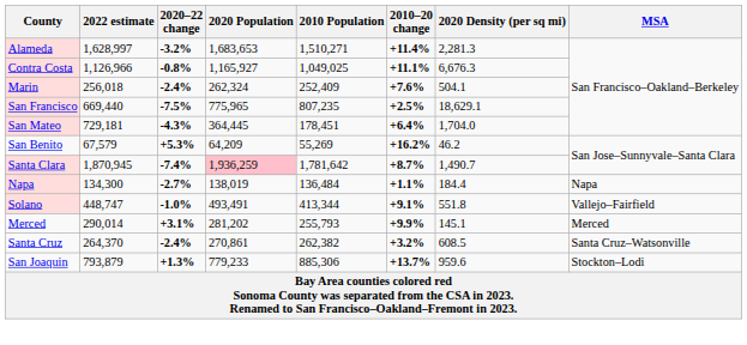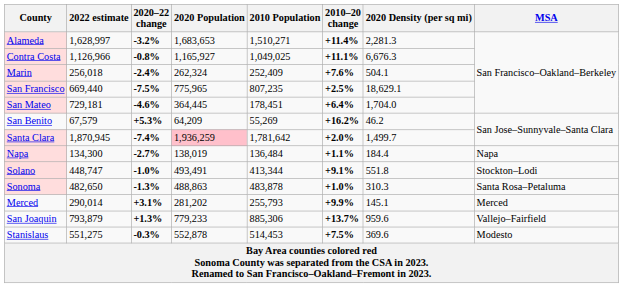 <table class="wikitable sortable nowrap" "text-align: center;font-size:90%" style="margin-left: auto; margin-right: auto; border: none">
 <tr>
 <th>County</th>
 <th>2022 estimate</th>
 <th>2020–22<br>change</th>
 <th>2020 Population</th>
 <th>2010 Population</th>
 <th>2010–20<br>change</th>
 <th>2020 Density (per sq mi)</th>
 <th><a href='#'>MSA</a></th>
 </tr>
 <tr>
 <td style="background-color:#FDD;"><a href='#'>Alameda</a></td>
 <td>1,628,997</td>
 <td><span><strong>-3.2%</strong></span></td>
 <td>1,683,653</td>
 <td>1,510,271</td>
 <td><span><strong>+11.4%</strong></span></td>
 <td>2,281.3</td>
 <td rowspan=5>San Francisco–Oakland–Berkeley</td>
 </tr>
 <tr>
 <td style="background-color:#FDD;"><a href='#'>Contra Costa</a></td>
 <td>1,126,966</td>
 <td><span><strong>-0.8%</strong></span></td>
 <td>1,165,927</td>
 <td>1,049,025</td>
 <td><span><strong>+11.1%</strong></span></td>
 <td>6,676.3</td>
 </tr>
 <tr>
 <td style="background-color:#FDD;"><a href='#'>Marin</a></td>
 <td>256,018</td>
 <td><span><strong>-2.4%</strong></span></td>
 <td>262,324</td>
 <td>252,409</td>
 <td><span><strong>+7.6%</strong></span></td>
 <td>504.1</td>
 </tr>
 <tr>
 <td style="background-color:#FDD;"><a href='#'>San Francisco</a></td>
 <td>669,440</td>
 <td><span><strong>-7.5%</strong></span></td>
 <td>775,965</td>
 <td>807,235</td>
 <td><span><strong>+2.5%</strong></span></td>
 <td>18,629.1</td>
 </tr>
 <tr>
 <td style="background-color:#FDD;"><a href='#'>San Mateo</a></td>
 <td>729,181</td>
-<td><span><strong>-4.3%</strong></span></td>
+<td><span><strong>-4.6%</strong></span></td>
 <td>364,445</td>
 <td>178,451</td>
 <td><span><strong>+6.4%</strong></span></td>
 <td>1,704.0</td>
 </tr>
 <tr>
 <td><a href='#'>San Benito</a></td>
 <td>67,579</td>
 <td><span><strong>+5.3%</strong></span></td>
 <td>64,209</td>
 <td>55,269</td>
 <td><span><strong>+16.2%</strong></span></td>
 <td>46.2</td>
 <td rowspan=2>San Jose–Sunnyvale–Santa Clara</td>
 </tr>
 <tr>
 <td style="background-color:#FDD;"><a href='#'>Santa Clara</a></td>
 <td>1,870,945</td>
 <td><span><strong>-7.4%</strong></span></td>
 <td style="background: pink;">1,936,259</td>
 <td>1,781,642</td>
-<td><span><strong>+8.7%</strong></span></td>
-<td>1,490.7</td>
+<td><span><strong>+2.0%</strong></span></td>
+<td>1,499.7</td>
 </tr>
 <tr>
 <td style="background-color:#FDD;"><a href='#'>Napa</a></td>
 <td>134,300</td>
 <td><span><strong>-2.7%</strong></span></td>
 <td>138,019</td>
 <td>136,484</td>
 <td><span><strong>+1.1%</strong></span></td>
 <td>184.4</td>
 <td>Napa</td>
 </tr>
 <tr>
 <td style="background-color:#FDD;"><a href='#'>Solano</a></td>
 <td>448,747</td>
 <td><span><strong>-1.0%</strong></span></td>
 <td>493,491</td>
 <td>413,344</td>
 <td><span><strong>+9.1%</strong></span></td>
 <td>551.8</td>
-<td>Vallejo–Fairfield</td>
+<td>Stockton–Lodi</td>
+</tr>
+<tr>
+<td style="background-color:#FDD;"><a href='#'>Sonoma</a></td>
+<td>482,650</td>
+<td><span><strong>-1.3%</strong></span></td>
+<td>488,863</td>
+<td>483,878</td>
+<td><span><strong>+1.0%</strong></span></td>
+<td>310.3</td>
+<td>Santa Rosa–Petaluma</td>
 </tr>
 <tr>
 <td><a href='#'>Merced</a></td>
 <td>290,014</td>
 <td><span><strong>+3.1%</strong></span></td>
 <td>281,202</td>
 <td>255,793</td>
 <td><span><strong>+9.9%</strong></span></td>
 <td>145.1</td>
 <td>Merced</td>
 </tr>
 <tr>
-<td><a href='#'>Santa Cruz</a></td>
-<td>264,370</td>
-<td><span><strong>-2.4%</strong></span></td>
-<td>270,861</td>
-<td>262,382</td>
-<td><span><strong>+3.2%</strong></span></td>
-<td>608.5</td>
-<td>Santa Cruz–Watsonville</td>
-</tr>
-<tr>
 <td><a href='#'>San Joaquin</a></td>
 <td>793,879</td>
 <td><span><strong>+1.3%</strong></span></td>
 <td>779,233</td>
 <td>885,306</td>
 <td><span><strong>+13.7%</strong></span></td>
 <td>959.6</td>
-<td>Stockton–Lodi</td>
+<td>Vallejo–Fairfield</td>
+</tr>
+<tr>
+<td><a href='#'>Stanislaus</a></td>
+<td>551,275</td>
+<td><span><strong>-0.3%</strong></span></td>
+<td>552,878</td>
+<td>514,453</td>
+<td><span><strong>+7.5%</strong></span></td>
+<td>369.6</td>
+<td>Modesto</td>
 </tr>
 <tr>
 <th align="bottom" colspan="8" style="caption-side: bottom"> Bay Area counties colored red<br>Sonoma County was separated from the CSA in 2023.<br>Renamed to San Francisco–Oakland–Fremont in 2023.</th>
 </tr>
 </table>
